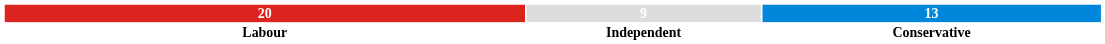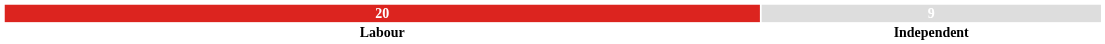 <table style="width:100%; text-align:center;">
 <tr style="color:white;">
 <td style="background:#dc241f; width:47.6%"><strong>20</strong></td>
 <td style="background:#dddddd; width:21.4%"><strong>9</strong></td>
-<td style="background:#0087dc; width:31%;"><strong>13</strong></td>
 </tr>
 <tr>
 <td><span><strong>Labour</strong></span></td>
 <td><span><strong>Independent</strong></span></td>
-<td><span><strong>Conservative</strong></span></td>
 </tr>
 </table>
